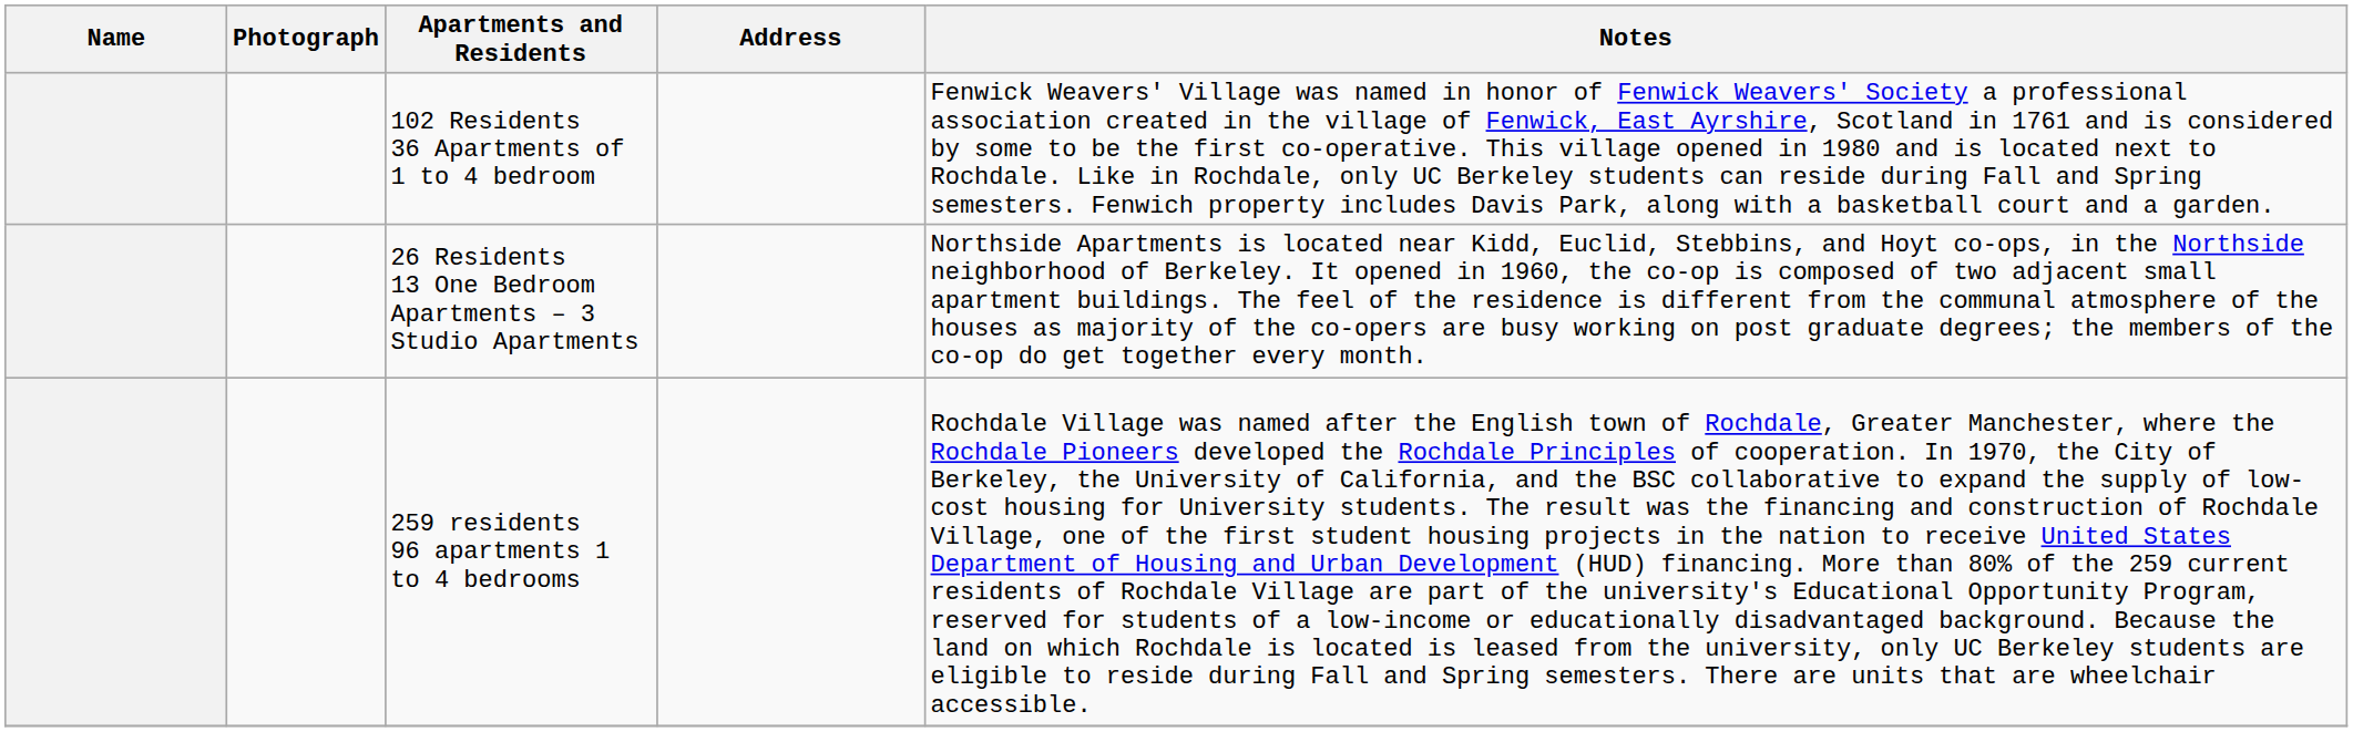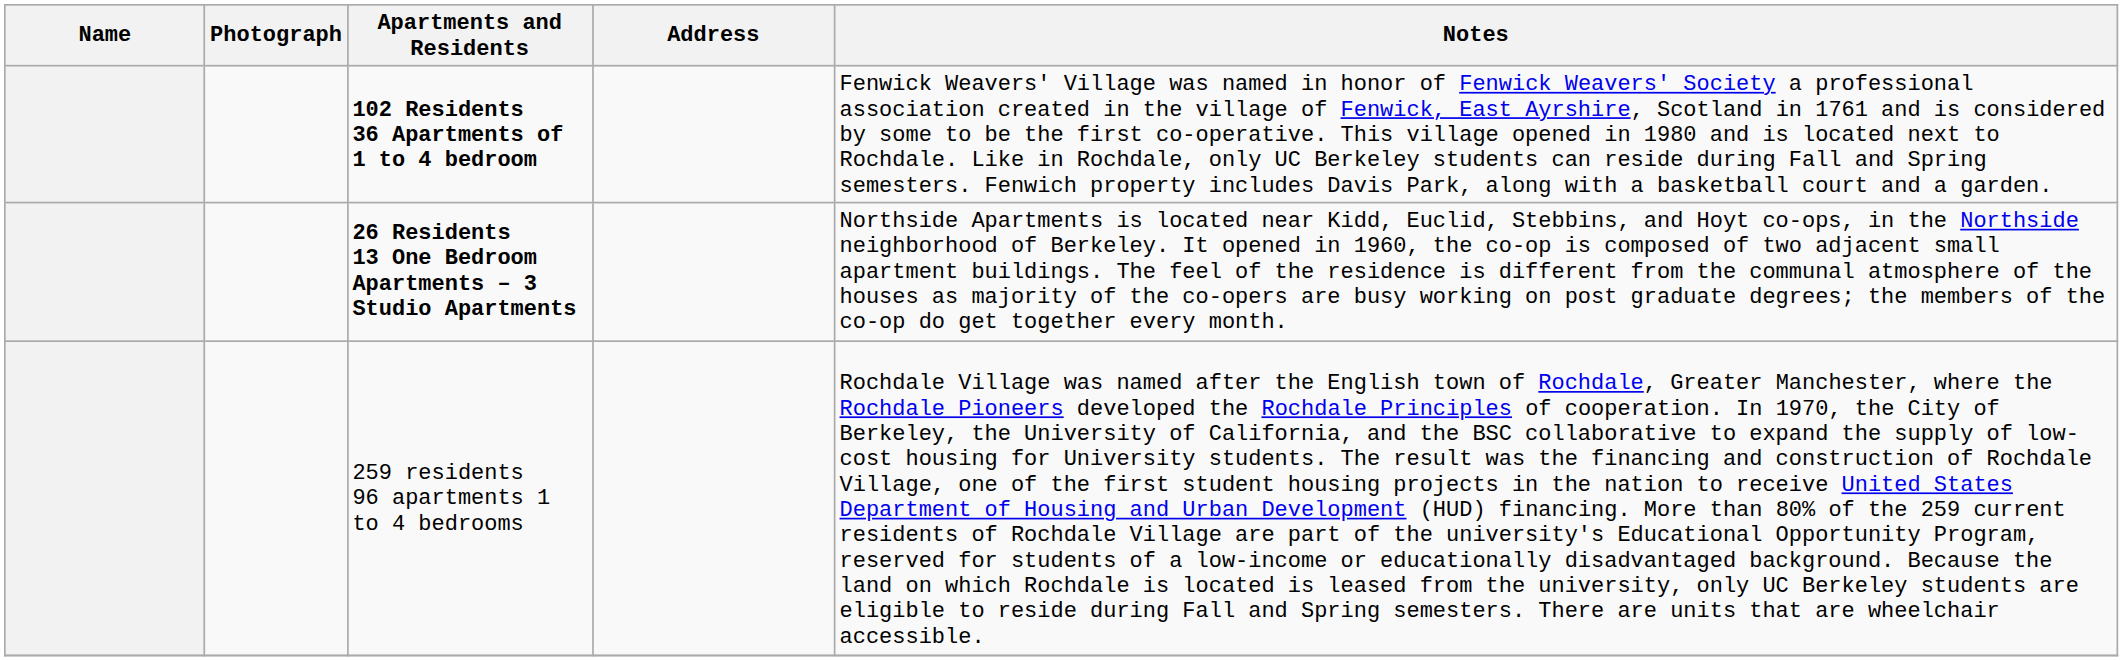 <table class="wikitable sortable">
 <tr>
 <th scope="col" style="width:10%">Name</th>
 <th scope="col" style="width:75px" class="unsortable">Photograph</th>
 <th scope="col" style="width:12%">Apartments and Residents</th>
 <th scope="col" style="width:12%" class="unsortable">Address</th>
 <th scope="col" style="width:65%" class="unsortable">Notes</th>
 </tr>
 <tr>
 <th></th>
 <td></td>
-<td>102 Residents<br>36 Apartments of 1 to 4 bedroom</td>
+<td><strong>102 Residents<br>36 Apartments of 1 to 4 bedroom</strong></td>
 <td></td>
 <td>Fenwick Weavers' Village was named in honor of <a href='#'>Fenwick Weavers' Society</a> a professional association created in the village of <a href='#'>Fenwick, East Ayrshire</a>, Scotland in 1761 and is considered by some to be the first co-operative. This village opened in 1980 and is located next to Rochdale. Like in Rochdale, only UC Berkeley students can reside during Fall and Spring semesters. Fenwich property includes Davis Park, along with a basketball court and a garden.</td>
 </tr>
 <tr>
 <th></th>
 <td></td>
-<td>26 Residents<br>13 One Bedroom Apartments – 3 Studio Apartments</td>
+<td><strong>26 Residents<br>13 One Bedroom Apartments – 3 Studio Apartments</strong></td>
 <td></td>
 <td>Northside Apartments is located near Kidd, Euclid, Stebbins, and Hoyt co-ops, in the <a href='#'>Northside</a> neighborhood of Berkeley. It opened in 1960, the co-op is composed of two adjacent small apartment buildings. The feel of the residence is different from the communal atmosphere of the houses as majority of the co-opers are busy working on post graduate degrees; the members of the co-op do get together every month.</td>
 </tr>
 <tr>
 <th></th>
 <td></td>
 <td>259 residents<br>96 apartments 1 to 4 bedrooms</td>
 <td></td>
 <td><br>Rochdale Village was named after the English town of <a href='#'>Rochdale</a>, Greater Manchester, where the <a href='#'>Rochdale Pioneers</a> developed the <a href='#'>Rochdale Principles</a> of cooperation. In 1970, the City of Berkeley, the University of California, and the BSC collaborative to expand the supply of low-cost housing for University students. The result was the financing and construction of Rochdale Village, one of the first student housing projects in the nation to receive <a href='#'>United States Department of Housing and Urban Development</a> (HUD) financing. More than 80% of the 259 current residents of Rochdale Village are part of the university's Educational Opportunity Program, reserved for students of a low-income or educationally disadvantaged background. Because the land on which Rochdale is located is leased from the university, only UC Berkeley students are eligible to reside during Fall and Spring semesters. There are units that are wheelchair accessible.</td>
 </tr>
 <tr>
 </tr>
 </table>
